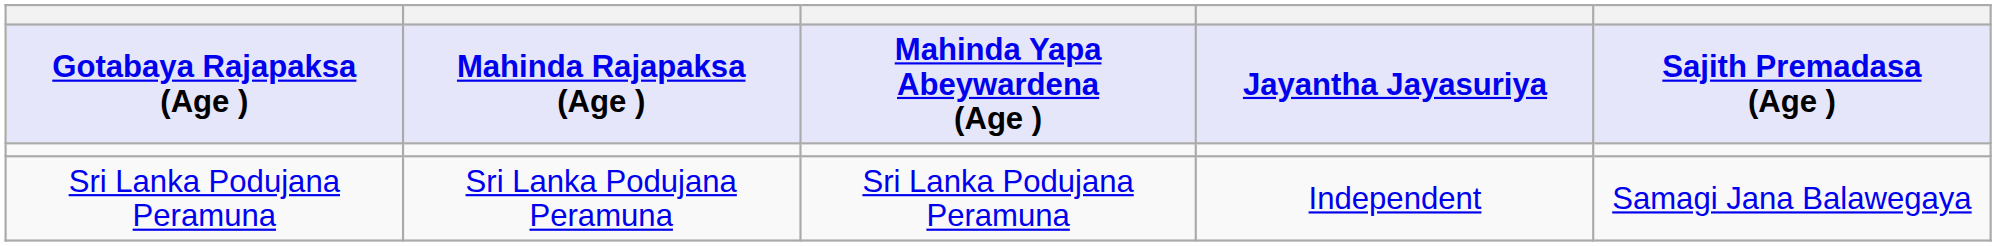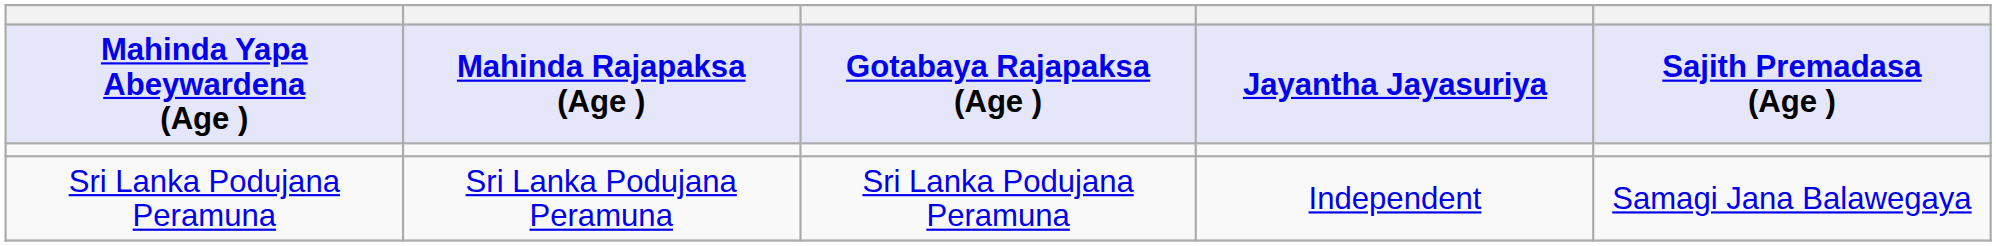 <table class=wikitable style="font-size:90%; text-align:center; margin:1em auto;">
 <tr>
 <th style="font-size:135%; width:175px; background:"><a href='#'></a></th>
 <th style="font-size:135%; width:175px; background:"><a href='#'></a></th>
 <th style="font-size:135%; width:175px; background:"><a href='#'></a></th>
 <th style="font-size:135%; width:175px; background:"><a href='#'></a></th>
 <th style="font-size:135%; width:175px; background:"><a href='#'></a></th>
 </tr>
 <tr>
+<th style="background:lavender;"><strong><a href='#'>Mahinda Yapa Abeywardena</a></strong><br>(Age )</th>
+<th style="background:lavender;"><strong><a href='#'>Mahinda Rajapaksa</a></strong><br>(Age )</th>
 <th style="background:lavender;"><strong><a href='#'>Gotabaya Rajapaksa</a></strong><br>(Age )</th>
-<th style="background:lavender;"><strong><a href='#'>Mahinda Rajapaksa</a></strong><br>(Age )</th>
-<th style="background:lavender;"><strong><a href='#'>Mahinda Yapa Abeywardena</a></strong><br>(Age )</th>
 <th style="background:lavender;"><strong><a href='#'>Jayantha Jayasuriya</a></strong><br></th>
 <th style="background:lavender;"><strong><a href='#'>Sajith Premadasa</a></strong><br>(Age )</th>
 </tr>
 <tr>
 <td></td>
 <td></td>
 <td></td>
 <td></td>
 <td></td>
 </tr>
 <tr>
 <td><a href='#'>Sri Lanka Podujana Peramuna</a><br></td>
 <td><a href='#'>Sri Lanka Podujana Peramuna</a><br></td>
 <td><a href='#'>Sri Lanka Podujana Peramuna</a><br></td>
 <td><a href='#'>Independent</a><br></td>
 <td><a href='#'>Samagi Jana Balawegaya</a><br></td>
 </tr>
 </table>
